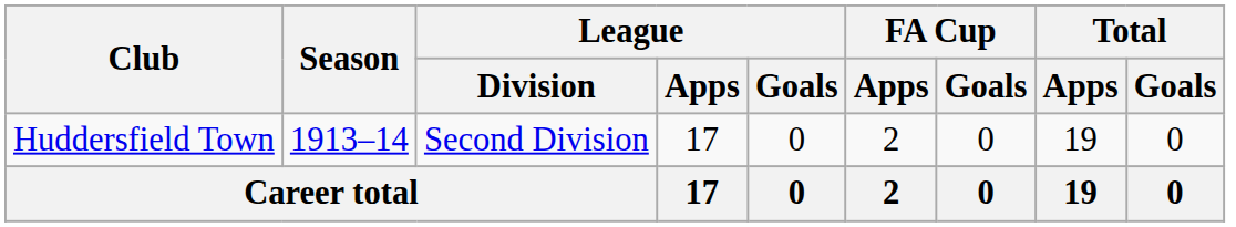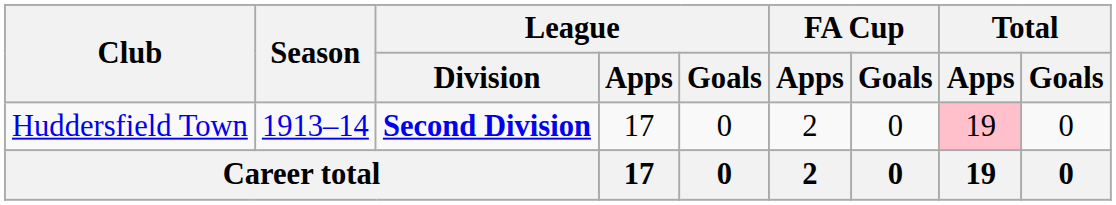 <table class="wikitable" style="text-align: center">
 <tr>
 <th rowspan="2">Club</th>
 <th rowspan="2">Season</th>
 <th colspan="3">League</th>
 <th colspan="2">FA Cup</th>
 <th colspan="2">Total</th>
 </tr>
 <tr>
 <th>Division</th>
 <th>Apps</th>
 <th>Goals</th>
 <th>Apps</th>
 <th>Goals</th>
 <th>Apps</th>
 <th>Goals</th>
 </tr>
 <tr>
 <td><a href='#'>Huddersfield Town</a></td>
 <td><a href='#'>1913–14</a></td>
-<td><a href='#'>Second Division</a></td>
+<td><strong><a href='#'>Second Division</a></strong></td>
 <td>17</td>
 <td>0</td>
 <td>2</td>
 <td>0</td>
-<td>19</td>
+<td style="background: pink;">19</td>
 <td>0</td>
 </tr>
 <tr>
 <th colspan="3">Career total</th>
 <th>17</th>
 <th>0</th>
 <th>2</th>
 <th>0</th>
 <th>19</th>
 <th>0</th>
 </tr>
 </table>
